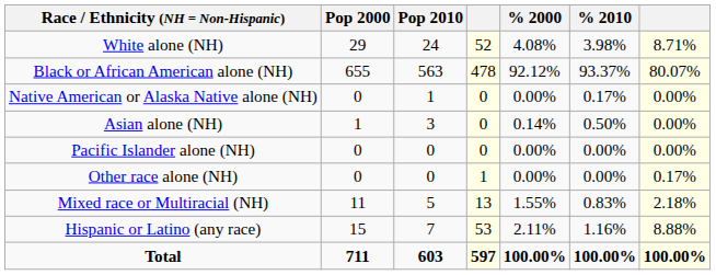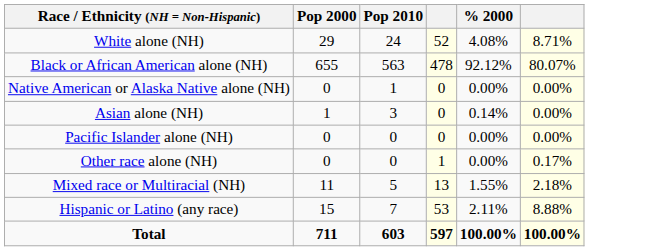 <table class="wikitable" style="text-align:center;">
 <tr>
 <th>Race / Ethnicity <small>(<em>NH = Non-Hispanic</em>)</small></th>
 <th>Pop 2000</th>
 <th>Pop 2010</th>
 <th></th>
 <th>% 2000</th>
-<th>% 2010</th>
 <th></th>
 </tr>
 <tr>
 <td><a href='#'>White</a> alone (NH)</td>
 <td>29</td>
 <td>24</td>
 <td style='background: #ffffe6;'>52</td>
 <td>4.08%</td>
-<td>3.98%</td>
 <td style='background: #ffffe6;'>8.71%</td>
 </tr>
 <tr>
 <td><a href='#'>Black or African American</a> alone (NH)</td>
 <td>655</td>
 <td>563</td>
 <td style='background: #ffffe6;'>478</td>
 <td>92.12%</td>
-<td>93.37%</td>
 <td style='background: #ffffe6;'>80.07%</td>
 </tr>
 <tr>
 <td><a href='#'>Native American</a> or <a href='#'>Alaska Native</a> alone (NH)</td>
 <td>0</td>
 <td>1</td>
 <td style='background: #ffffe6;'>0</td>
 <td>0.00%</td>
-<td>0.17%</td>
 <td style='background: #ffffe6;'>0.00%</td>
 </tr>
 <tr>
 <td><a href='#'>Asian</a> alone (NH)</td>
 <td>1</td>
 <td>3</td>
 <td style='background: #ffffe6;'>0</td>
 <td>0.14%</td>
-<td>0.50%</td>
 <td style='background: #ffffe6;'>0.00%</td>
 </tr>
 <tr>
 <td><a href='#'>Pacific Islander</a> alone (NH)</td>
 <td>0</td>
 <td>0</td>
 <td style='background: #ffffe6;'>0</td>
-<td>0.00%</td>
 <td>0.00%</td>
 <td style='background: #ffffe6;'>0.00%</td>
 </tr>
 <tr>
 <td><a href='#'>Other race</a> alone (NH)</td>
 <td>0</td>
 <td>0</td>
 <td style='background: #ffffe6;'>1</td>
 <td>0.00%</td>
-<td>0.00%</td>
 <td style='background: #ffffe6;'>0.17%</td>
 </tr>
 <tr>
 <td><a href='#'>Mixed race or Multiracial</a> (NH)</td>
 <td>11</td>
 <td>5</td>
 <td style='background: #ffffe6;'>13</td>
 <td>1.55%</td>
-<td>0.83%</td>
 <td style='background: #ffffe6;'>2.18%</td>
 </tr>
 <tr>
 <td><a href='#'>Hispanic or Latino</a> (any race)</td>
 <td>15</td>
 <td>7</td>
 <td style='background: #ffffe6;'>53</td>
 <td>2.11%</td>
-<td>1.16%</td>
 <td style='background: #ffffe6;'>8.88%</td>
 </tr>
 <tr>
 <td><strong>Total</strong></td>
 <td><strong>711</strong></td>
 <td><strong>603</strong></td>
 <td style='background: #ffffe6;'><strong>597</strong></td>
 <td><strong>100.00%</strong></td>
-<td><strong>100.00%</strong></td>
 <td style='background: #ffffe6;'><strong>100.00%</strong></td>
 </tr>
 </table>
